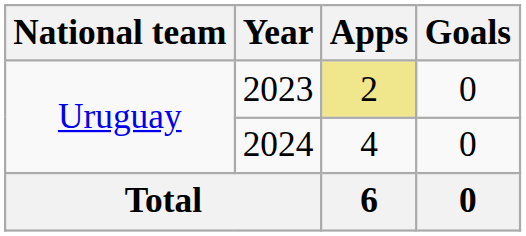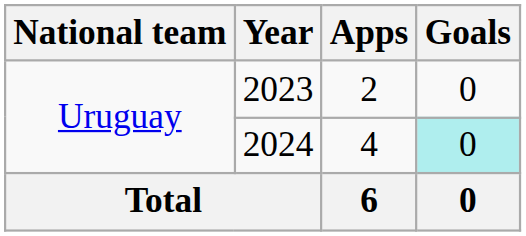 <table class="wikitable" style="text-align:center">
 <tr>
 <th>National team</th>
 <th>Year</th>
 <th>Apps</th>
 <th>Goals</th>
 </tr>
 <tr>
 <td rowspan=2><a href='#'>Uruguay</a></td>
 <td>2023</td>
-<td style="background: khaki;">2</td>
+<td>2</td>
 <td>0</td>
 </tr>
 <tr>
 <td>2024</td>
 <td>4</td>
-<td>0</td>
+<td style="background: paleturquoise;">0</td>
 </tr>
 <tr>
 <th colspan=2>Total</th>
 <th>6</th>
 <th>0</th>
 </tr>
 </table>
